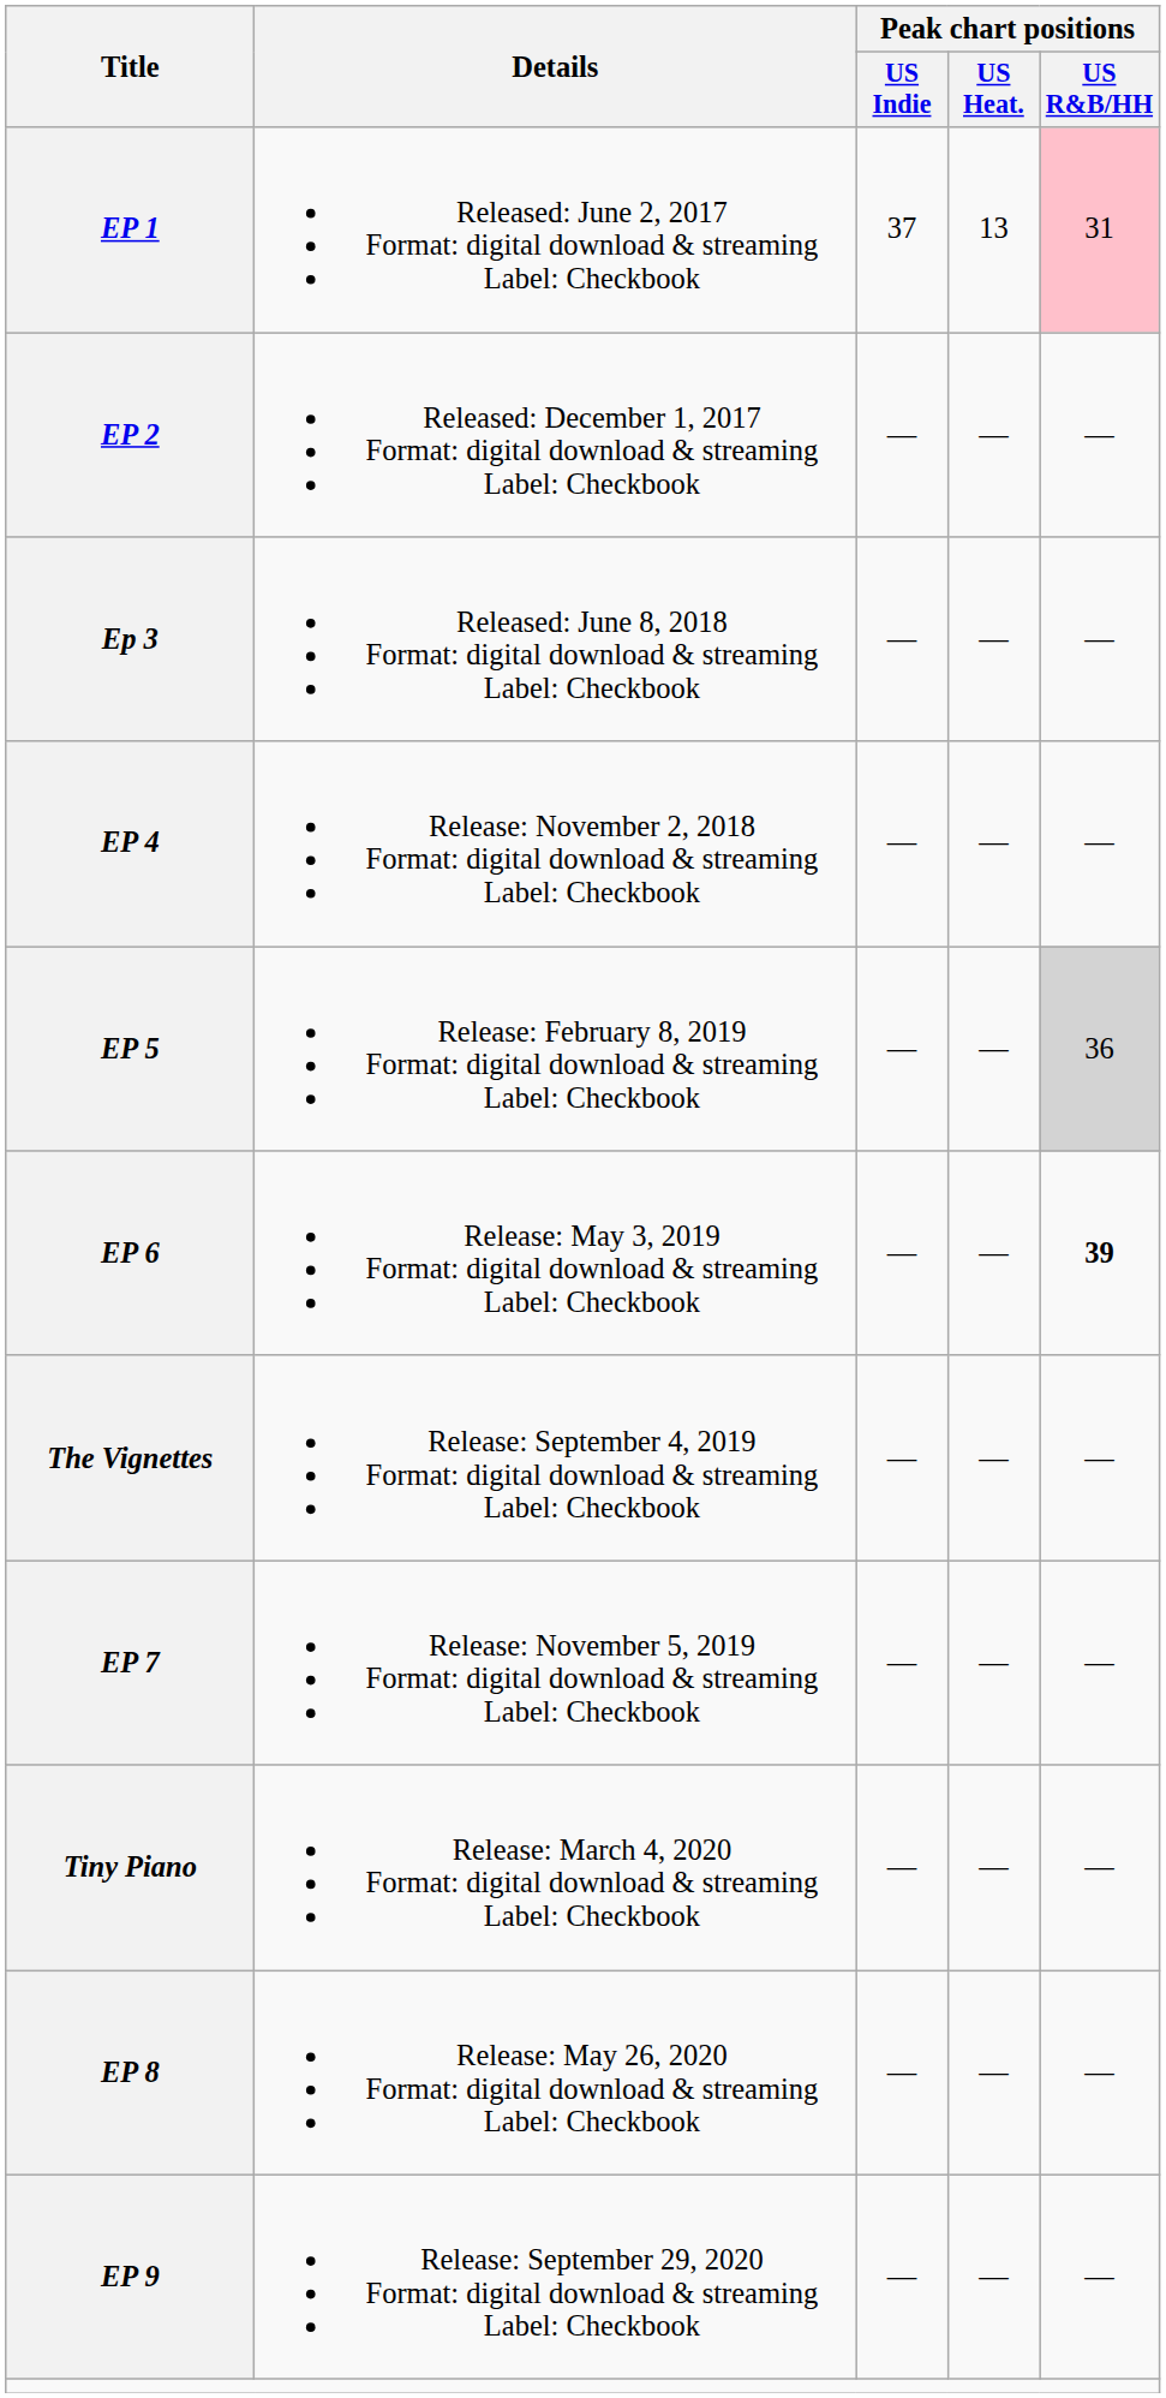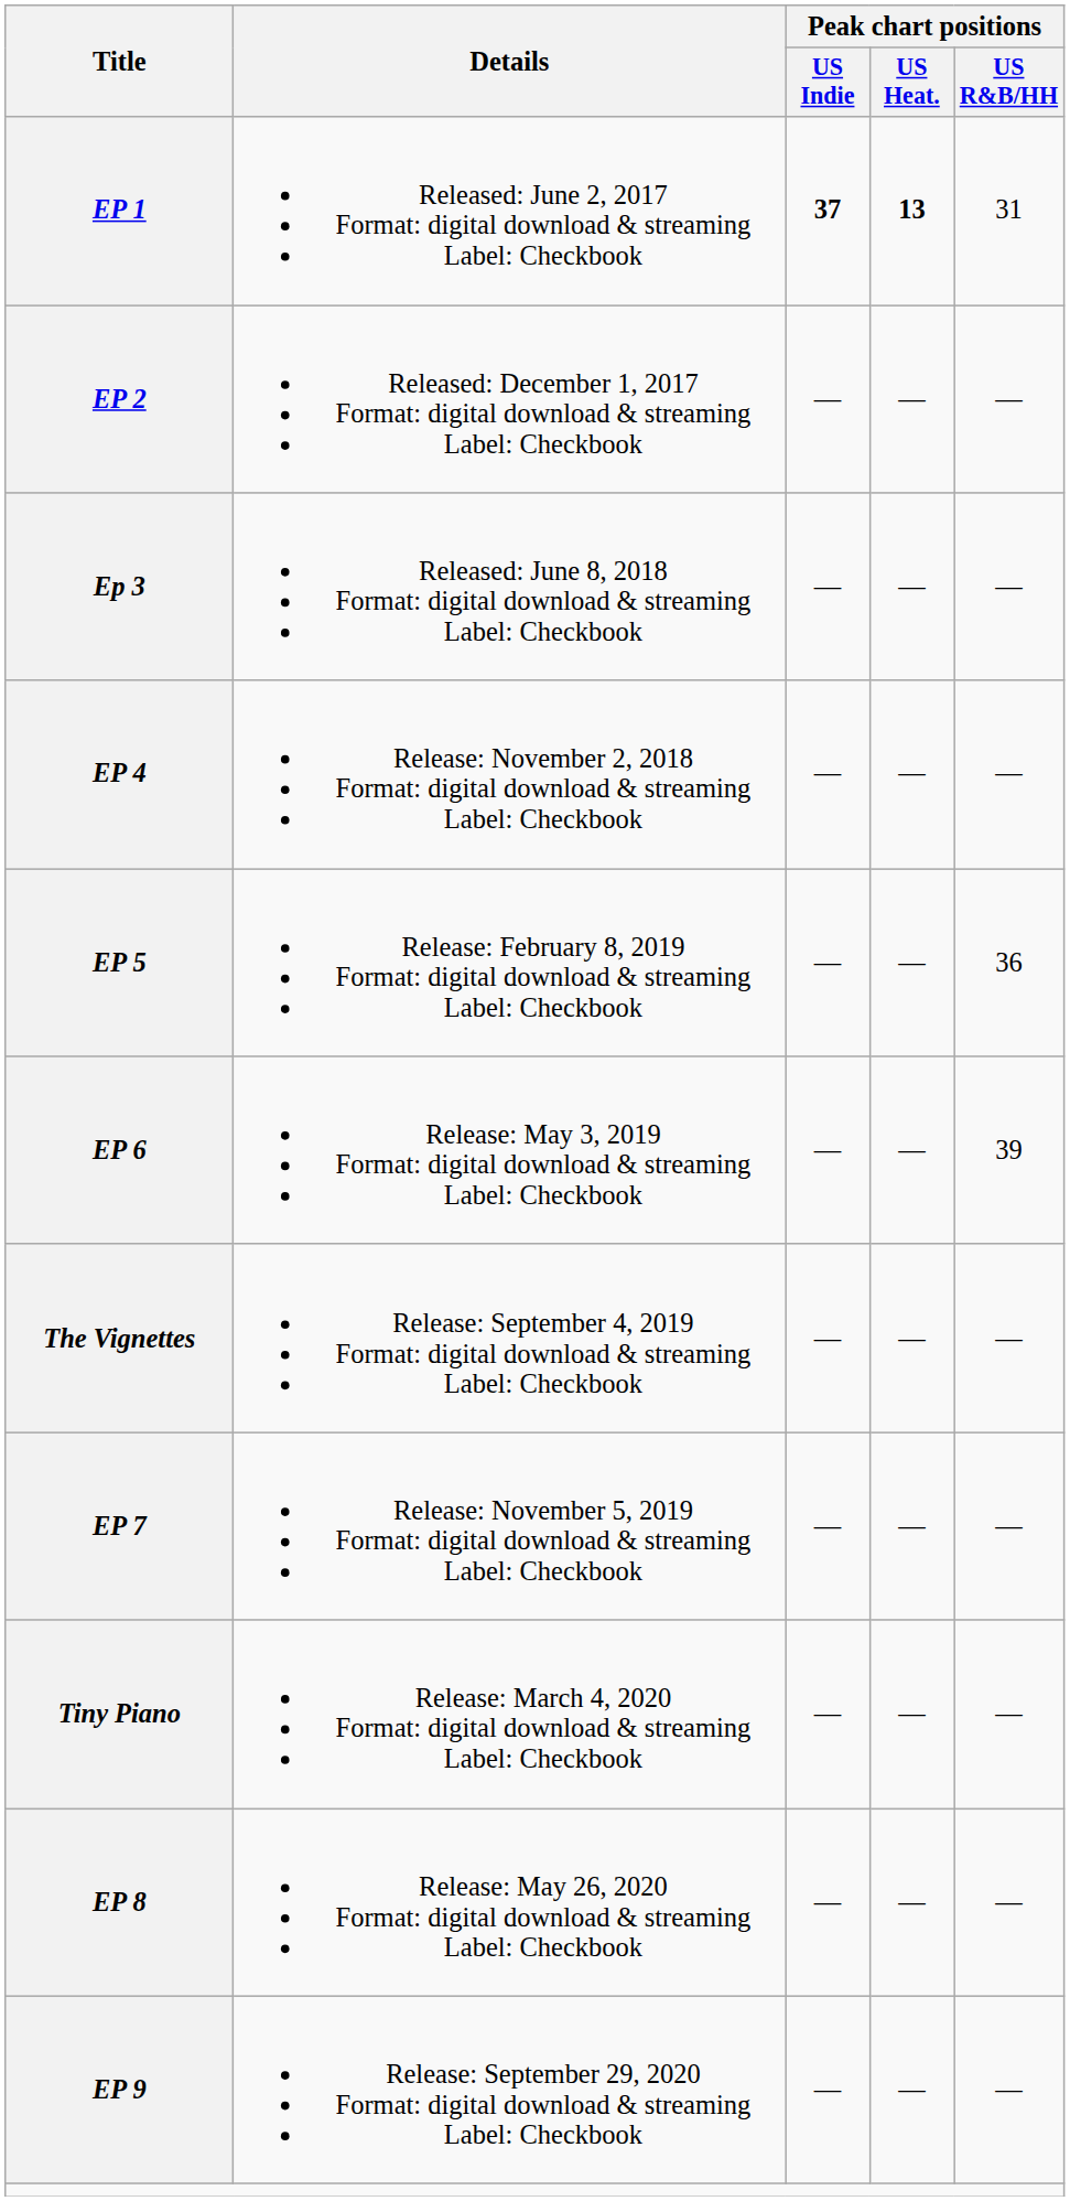 <table class="wikitable plainrowheaders" style="text-align:center;">
 <tr>
 <th scope="col" rowspan="2" style="width:8em;">Title</th>
 <th scope="col" rowspan="2" style="width:20em;">Details</th>
 <th scope="col" colspan="3">Peak chart positions</th>
 </tr>
 <tr>
 <th scope="col" style="width:3em;font-size:90%;"><a href='#'>US<br>Indie</a><br></th>
 <th scope="col" style="width:3em;font-size:90%;"><a href='#'>US<br>Heat.</a><br></th>
 <th scope="col" style="width:3em;font-size:90%;"><a href='#'>US<br>R&B/HH</a><br></th>
 </tr>
 <tr>
 <th scope="row"><em><a href='#'>EP 1</a></em></th>
 <td><br><ul><li>Released: June 2, 2017</li><li>Format: digital download & streaming</li><li>Label: Checkbook</li></ul></td>
-<td>37</td>
-<td>13</td>
-<td style="background: pink;">31</td>
+<td><strong>37</strong></td>
+<td><strong>13</strong></td>
+<td>31</td>
 </tr>
 <tr>
 <th scope="row"><em><a href='#'>EP 2</a></em></th>
 <td><br><ul><li>Released: December 1, 2017</li><li>Format: digital download & streaming</li><li>Label: Checkbook</li></ul></td>
 <td>—</td>
 <td>—</td>
 <td>—</td>
 </tr>
 <tr>
 <th scope="row"><em>Ep 3</em></th>
 <td><br><ul><li>Released: June 8, 2018</li><li>Format: digital download & streaming</li><li>Label: Checkbook</li></ul></td>
 <td>—</td>
 <td>—</td>
 <td>—</td>
 </tr>
 <tr>
 <th scope="row"><em>EP 4</em></th>
 <td><br><ul><li>Release: November 2, 2018</li><li>Format: digital download & streaming</li><li>Label: Checkbook</li></ul></td>
 <td>—</td>
 <td>—</td>
 <td>—</td>
 </tr>
 <tr>
 <th scope="row"><em>EP 5</em></th>
 <td><br><ul><li>Release: February 8, 2019</li><li>Format: digital download & streaming</li><li>Label: Checkbook</li></ul></td>
 <td>—</td>
 <td>—</td>
-<td style="background: lightgrey;">36</td>
+<td>36</td>
 </tr>
 <tr>
 <th scope="row"><em>EP 6</em></th>
 <td><br><ul><li>Release: May 3, 2019</li><li>Format: digital download  & streaming</li><li>Label: Checkbook</li></ul></td>
 <td>—</td>
 <td>—</td>
-<td><strong>39</strong></td>
+<td>39</td>
 </tr>
 <tr>
 <th scope="row"><em>The Vignettes</em></th>
 <td><br><ul><li>Release: September 4, 2019</li><li>Format: digital download & streaming</li><li>Label: Checkbook</li></ul></td>
 <td>—</td>
 <td>—</td>
 <td>—</td>
 </tr>
 <tr>
 <th scope="row"><em>EP 7</em></th>
 <td><br><ul><li>Release: November 5, 2019</li><li>Format: digital download & streaming</li><li>Label: Checkbook</li></ul></td>
 <td>—</td>
 <td>—</td>
 <td>—</td>
 </tr>
 <tr>
 <th scope="row"><em>Tiny Piano</em></th>
 <td><br><ul><li>Release: March 4, 2020</li><li>Format: digital download & streaming</li><li>Label: Checkbook</li></ul></td>
 <td>—</td>
 <td>—</td>
 <td>—</td>
 </tr>
 <tr>
 <th scope="row"><em>EP 8</em></th>
 <td><br><ul><li>Release: May 26, 2020</li><li>Format: digital download & streaming</li><li>Label: Checkbook</li></ul></td>
 <td>—</td>
 <td>—</td>
 <td>—</td>
 </tr>
 <tr>
 <th scope="row"><em>EP 9</em></th>
 <td><br><ul><li>Release: September 29, 2020</li><li>Format: digital download & streaming</li><li>Label: Checkbook</li></ul></td>
 <td>—</td>
 <td>—</td>
 <td>—</td>
 </tr>
 <tr>
 <td colspan="5"></td>
 </tr>
 </table>
